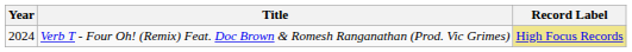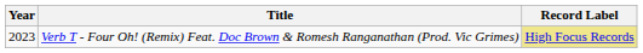 <table class="wikitable">
 <tr>
 <th>Year</th>
 <th>Title</th>
 <th>Record Label</th>
 </tr>
 <tr>
-<td>2024</td>
+<td>2023</td>
 <td><em><a href='#'>Verb T</a> - Four Oh! (Remix) Feat. <a href='#'>Doc Brown</a> & Romesh Ranganathan (Prod. Vic Grimes)</em></td>
 <td style="background: khaki;"><a href='#'>High Focus Records</a></td>
 </tr>
 </table>
